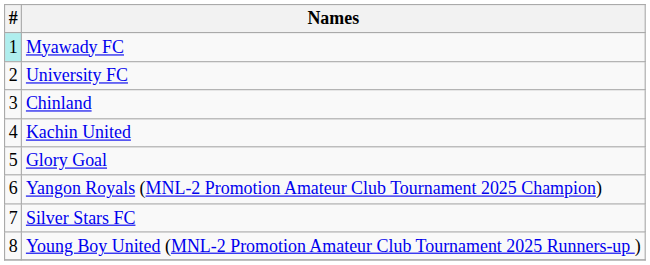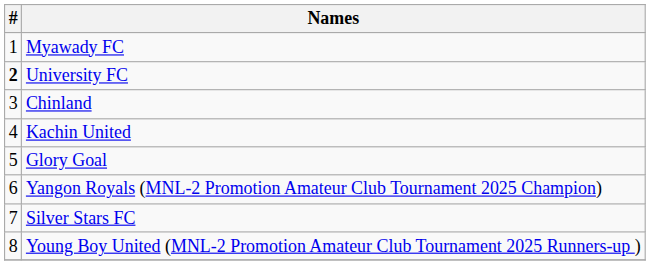 <table class=wikitable>
 <tr>
 <th>#</th>
 <th>Names</th>
 </tr>
 <tr>
-<td style="background: paleturquoise;">1</td>
+<td>1</td>
 <td><a href='#'>Myawady FC</a></td>
 </tr>
 <tr>
-<td>2</td>
+<td><strong>2</strong></td>
 <td><a href='#'>University FC</a></td>
 </tr>
 <tr>
 <td>3</td>
 <td><a href='#'>Chinland</a></td>
 </tr>
 <tr>
 <td>4</td>
 <td><a href='#'>Kachin United</a></td>
 </tr>
 <tr>
 <td>5</td>
 <td><a href='#'>Glory Goal</a></td>
 </tr>
 <tr>
 <td>6</td>
 <td><a href='#'>Yangon Royals</a> (<a href='#'>MNL-2 Promotion Amateur Club Tournament 2025 Champion</a>)</td>
 </tr>
 <tr>
 <td>7</td>
 <td><a href='#'>Silver Stars FC</a></td>
 </tr>
 <tr>
 <td>8</td>
 <td><a href='#'>Young Boy United</a> (<a href='#'>MNL-2 Promotion Amateur Club Tournament 2025 Runners-up </a> )</td>
 </tr>
 <tr>
 </tr>
 </table>
